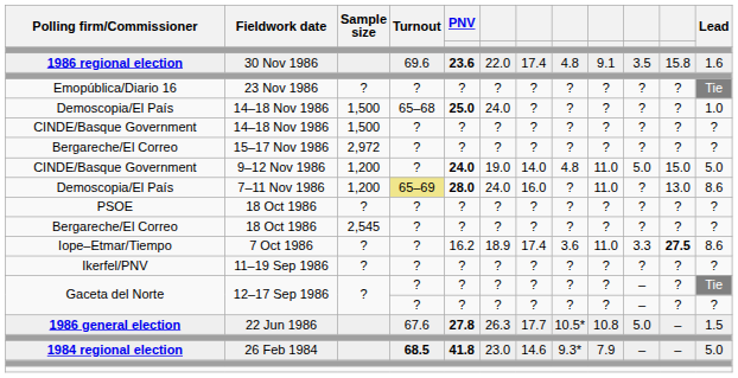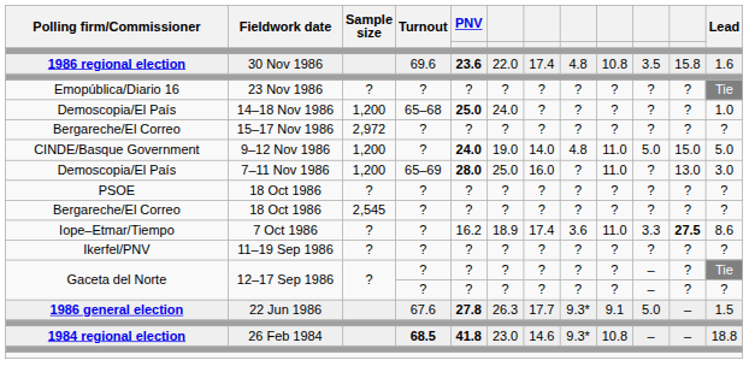 <table class="wikitable collapsible collapsed" style="text-align:center; font-size:95%; line-height:16px;">
 <tr style="height:42px;">
 <th style="width:250px;" rowspan="2">Polling firm/Commissioner</th>
 <th style="width:125px;" rowspan="2">Fieldwork date</th>
 <th style="width:50px;" rowspan="2">Sample size</th>
 <th style="width:45px;" rowspan="2">Turnout</th>
 <th style="width:35px;"><a href='#'>PNV</a></th>
 <th style="width:35px;"></th>
 <th style="width:35px;"></th>
 <th style="width:35px;"></th>
 <th style="width:35px;"></th>
 <th style="width:35px;"></th>
 <th style="width:35px;"></th>
 <th style="width:30px;" rowspan="2">Lead</th>
 </tr>
 <tr>
 <th style="color:inherit;background:"></th>
 <th style="color:inherit;background:"></th>
 <th style="color:inherit;background:"></th>
 <th style="color:inherit;background:"></th>
 <th style="color:inherit;background:"></th>
 <th style="color:inherit;background:"></th>
 <th style="color:inherit;background:"></th>
 </tr>
 <tr>
 <td colspan="12" style="background:#A0A0A0"></td>
 </tr>
 <tr style="background:#EFEFEF;">
 <td><strong><a href='#'>1986 regional election</a></strong></td>
 <td>30 Nov 1986</td>
 <td></td>
 <td>69.6</td>
 <td><strong>23.6</strong><br></td>
 <td>22.0<br></td>
 <td>17.4<br></td>
 <td>4.8<br></td>
-<td>9.1<br></td>
+<td>10.8<br></td>
 <td>3.5<br></td>
 <td>15.8<br></td>
 <td style="background:">1.6</td>
 </tr>
 <tr>
 <td colspan="12" style="background:#A0A0A0"></td>
 </tr>
 <tr>
 <td>Emopública/Diario 16</td>
 <td>23 Nov 1986</td>
 <td>?</td>
 <td>?</td>
 <td>?<br></td>
 <td>?<br></td>
 <td>?<br></td>
 <td>?<br></td>
 <td>?<br></td>
 <td>?<br></td>
 <td>?<br></td>
 <td style="background:gray; color:white;">Tie</td>
 </tr>
 <tr>
 <td>Demoscopia/El País</td>
 <td>14–18 Nov 1986</td>
-<td>1,500</td>
+<td>1,200</td>
 <td>65–68</td>
 <td><strong>25.0</strong><br></td>
 <td>24.0<br></td>
 <td>?<br></td>
 <td>?<br></td>
 <td>?<br></td>
 <td>?<br></td>
 <td>?<br></td>
 <td style="background:">1.0</td>
-</tr>
-<tr>
-<td>CINDE/Basque Government</td>
-<td>14–18 Nov 1986</td>
-<td>1,500</td>
-<td>?</td>
-<td>?<br></td>
-<td>?<br></td>
-<td>?<br></td>
-<td>?<br></td>
-<td>?<br></td>
-<td>?<br></td>
-<td>?<br></td>
-<td style="background:">?</td>
 </tr>
 <tr>
 <td>Bergareche/El Correo</td>
 <td>15–17 Nov 1986</td>
 <td>2,972</td>
 <td>?</td>
 <td>?<br></td>
 <td>?<br></td>
 <td>?<br></td>
 <td>?<br></td>
 <td>?<br></td>
 <td>?<br></td>
 <td>?<br></td>
 <td style="background:">?</td>
 </tr>
 <tr>
 <td>CINDE/Basque Government</td>
 <td>9–12 Nov 1986</td>
 <td>1,200</td>
 <td>?</td>
 <td><strong>24.0</strong><br></td>
 <td>19.0<br></td>
 <td>14.0<br></td>
 <td>4.8<br></td>
 <td>11.0<br></td>
 <td>5.0<br></td>
 <td>15.0<br></td>
 <td style="background:">5.0</td>
 </tr>
 <tr>
 <td>Demoscopia/El País</td>
 <td>7–11 Nov 1986</td>
 <td>1,200</td>
-<td style="background: khaki;">65–69</td>
+<td>65–69</td>
 <td><strong>28.0</strong><br></td>
-<td>24.0<br></td>
+<td>25.0<br></td>
 <td>16.0<br></td>
 <td>?<br></td>
 <td>11.0<br></td>
 <td>?<br></td>
 <td>13.0<br></td>
-<td style="background:">8.6</td>
+<td style="background:">3.0</td>
 </tr>
 <tr>
 <td>PSOE</td>
 <td>18 Oct 1986</td>
 <td>?</td>
 <td>?</td>
 <td>?<br></td>
 <td>?<br></td>
 <td>?<br></td>
 <td>?<br></td>
 <td>?<br></td>
 <td>?<br></td>
 <td>?<br></td>
 <td style="background:">?</td>
 </tr>
 <tr>
 <td>Bergareche/El Correo</td>
 <td>18 Oct 1986</td>
 <td>2,545</td>
 <td>?</td>
 <td>?<br></td>
 <td>?<br></td>
 <td>?<br></td>
 <td>?<br></td>
 <td>?<br></td>
 <td>?<br></td>
 <td>?<br></td>
 <td style="background:">?</td>
 </tr>
 <tr>
 <td>Iope–Etmar/Tiempo</td>
 <td>7 Oct 1986</td>
 <td>?</td>
 <td>?</td>
 <td>16.2<br></td>
 <td>18.9<br></td>
 <td>17.4<br></td>
 <td>3.6<br></td>
 <td>11.0<br></td>
 <td>3.3<br></td>
 <td><strong>27.5</strong><br></td>
 <td style="background:">8.6</td>
 </tr>
 <tr>
 <td>Ikerfel/PNV</td>
 <td>11–19 Sep 1986</td>
 <td>?</td>
 <td>?</td>
 <td>?<br></td>
 <td>?<br></td>
 <td>?<br></td>
 <td>?<br></td>
 <td>?<br></td>
 <td>?<br></td>
 <td>?<br></td>
 <td style="background:">?</td>
 </tr>
 <tr>
 <td rowspan="2">Gaceta del Norte</td>
 <td rowspan="2">12–17 Sep 1986</td>
 <td rowspan="2">?</td>
 <td>?</td>
 <td>?<br></td>
 <td>?<br></td>
 <td>?<br></td>
 <td>?<br></td>
 <td>?<br></td>
 <td>–</td>
 <td>?<br></td>
 <td style="background:gray; color:white;">Tie</td>
 </tr>
 <tr>
 <td>?</td>
 <td>?<br></td>
 <td>?<br></td>
 <td>?<br></td>
 <td>?<br></td>
 <td>?<br></td>
 <td>–</td>
 <td>?<br></td>
 <td style="background:">?</td>
 </tr>
 <tr style="background:#EFEFEF;">
 <td><strong><a href='#'>1986 general election</a></strong></td>
 <td>22 Jun 1986</td>
 <td></td>
 <td>67.6</td>
 <td><strong>27.8</strong><br></td>
 <td>26.3<br></td>
 <td>17.7<br></td>
-<td>10.5*<br></td>
-<td>10.8<br></td>
+<td>9.3*<br></td>
+<td>9.1<br></td>
 <td>5.0<br></td>
 <td>–</td>
 <td style="background:">1.5</td>
 </tr>
 <tr>
 <td colspan="12" style="background:#A0A0A0"></td>
 </tr>
 <tr style="background:#EFEFEF;">
 <td><strong><a href='#'>1984 regional election</a></strong></td>
 <td>26 Feb 1984</td>
 <td></td>
 <td><strong>68.5</strong></td>
 <td><strong>41.8</strong><br></td>
 <td>23.0<br></td>
 <td>14.6<br></td>
 <td>9.3*<br></td>
-<td>7.9<br></td>
+<td>10.8<br></td>
 <td>–</td>
 <td>–</td>
-<td style="background:">5.0</td>
+<td style="background:">18.8</td>
 </tr>
 <tr>
 <td colspan="12" style="background:#A0A0A0"></td>
 </tr>
 <tr>
 <td align="left" colspan="12"></td>
 </tr>
 </table>
